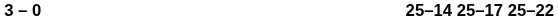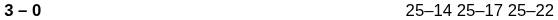 <table width=100% cellspacing=1>
 <tr>
 <th width=20%></th>
 <th width=12%></th>
 <th width=20%></th>
 <th width=33%></th>
 <td></td>
 </tr>
 <tr style=font-size:90%>
 <td align=right><strong></strong></td>
 <td align=center><strong>3 – 0</strong></td>
 <td></td>
-<td><strong>25–14 25–17 25–22</strong></td>
+<td>25–14 25–17 25–22</td>
 </tr>
 </table>
